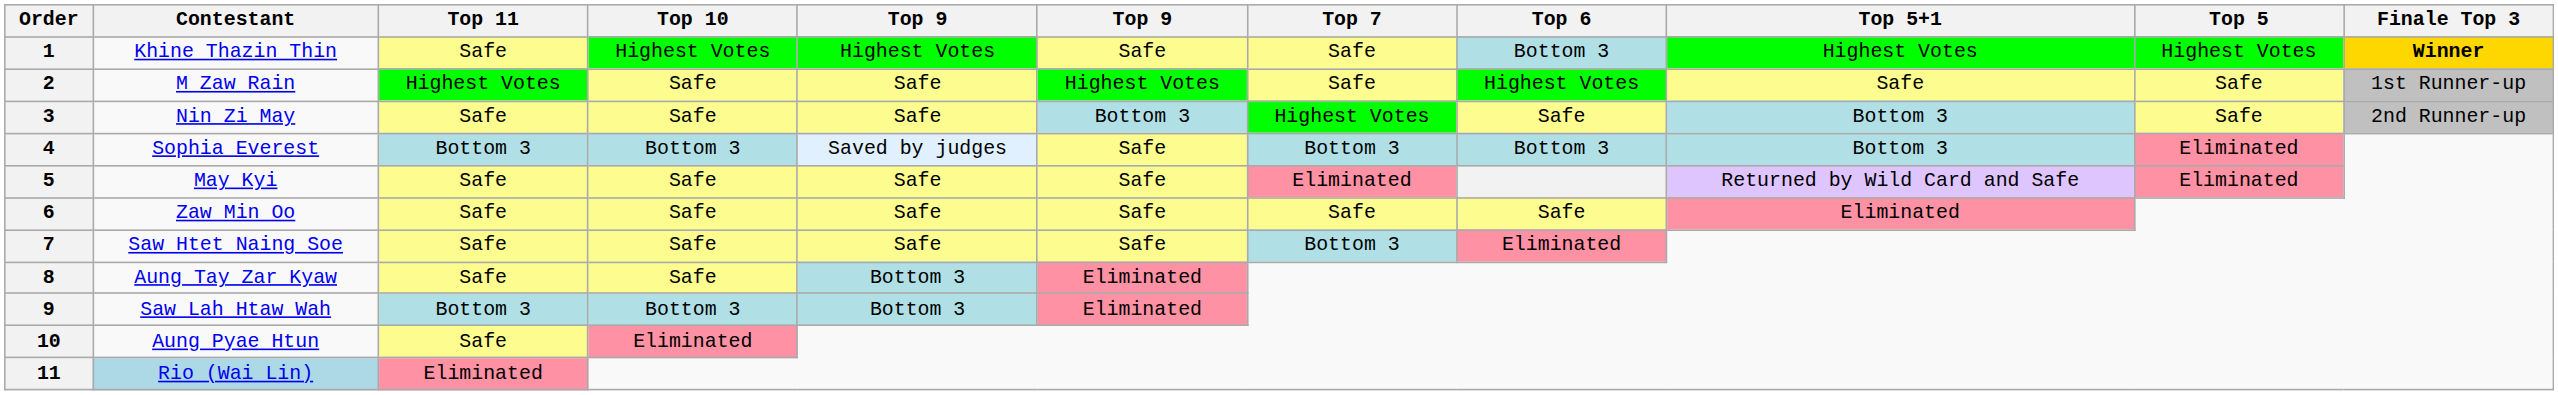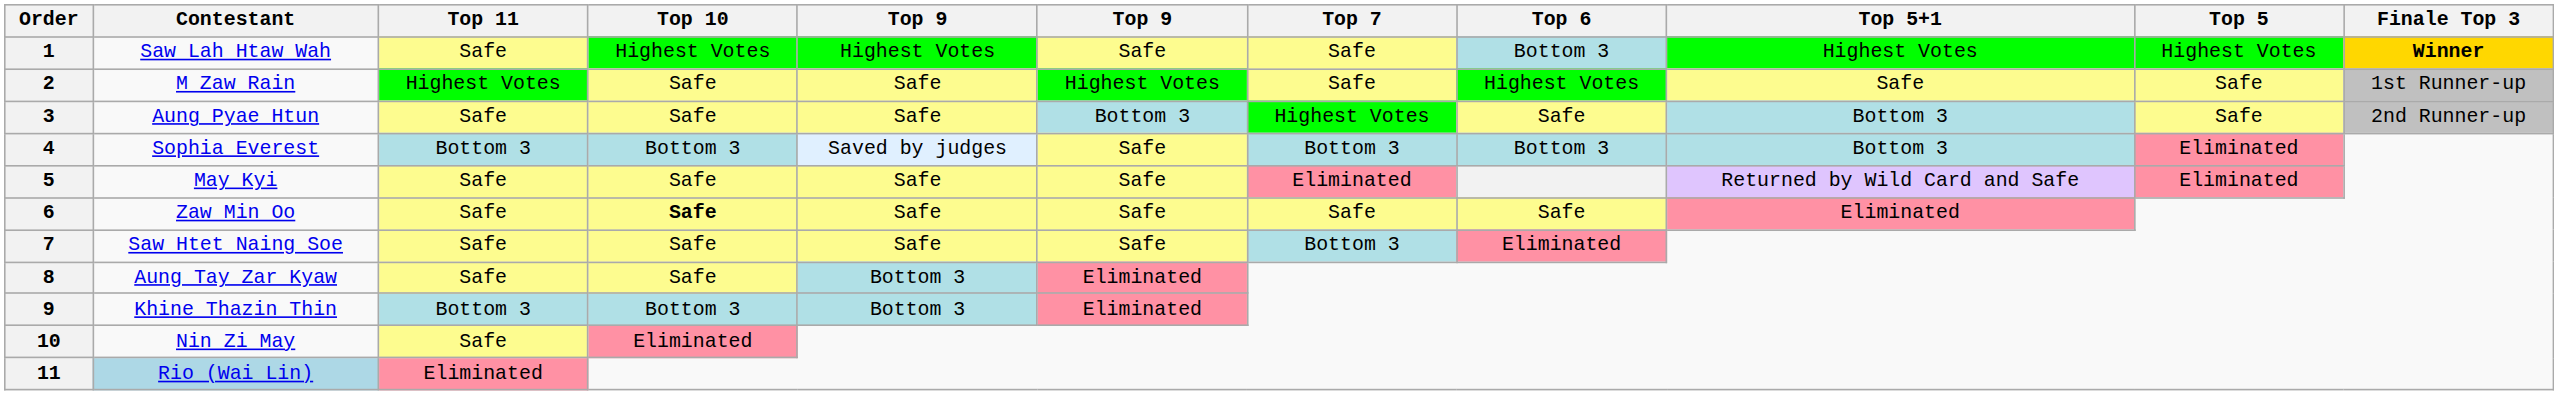 <table class="wikitable nowrap" style="text-align:center; font-size:95%; width:100%;">
 <tr>
 <th scope="col">Order</th>
 <th scope="col">Contestant</th>
 <th scope="col">Top 11</th>
 <th scope="col">Top 10</th>
 <th scope="col">Top 9</th>
 <th scope="col">Top 9</th>
 <th scope="col">Top 7</th>
 <th scope="col">Top 6</th>
 <th scope="col">Top 5+1</th>
 <th scope="col">Top 5</th>
 <th scope="col">Finale Top 3</th>
 </tr>
 <tr>
 <th>1</th>
-<td><a href='#'>Khine Thazin Thin</a></td>
+<td><a href='#'>Saw Lah Htaw Wah</a></td>
 <td style="background:#FDFC8F;">Safe</td>
 <td style="background:#00FF00;">Highest Votes</td>
 <td style="background:#00FF00;">Highest Votes</td>
 <td style="background:#FDFC8F;">Safe</td>
 <td style="background:#FDFC8F;">Safe</td>
 <td style="background:#B0E0E6;">Bottom 3</td>
 <td style="background:#00FF00;">Highest Votes</td>
 <td style="background:#00FF00;">Highest Votes</td>
 <td style="background:gold;"><strong>Winner</strong></td>
 </tr>
 <tr>
 <th>2</th>
 <td><a href='#'>M Zaw Rain</a></td>
 <td style="background:#00FF00;">Highest Votes</td>
 <td style="background:#FDFC8F;">Safe</td>
 <td style="background:#FDFC8F;">Safe</td>
 <td style="background:#00FF00;">Highest Votes</td>
 <td style="background:#FDFC8F;">Safe</td>
 <td style="background:#00FF00;">Highest Votes</td>
 <td style="background:#FDFC8F;">Safe</td>
 <td style="background:#FDFC8F;">Safe</td>
 <td style="background:silver;">1st Runner-up</td>
 </tr>
 <tr>
 <th>3</th>
-<td><a href='#'>Nin Zi May</a></td>
+<td><a href='#'>Aung Pyae Htun</a></td>
 <td style="background:#FDFC8F;">Safe</td>
 <td style="background:#FDFC8F;">Safe</td>
 <td style="background:#FDFC8F;">Safe</td>
 <td style="background:#B0E0E6;">Bottom 3</td>
 <td style="background:#00FF00;">Highest Votes</td>
 <td style="background:#FDFC8F;">Safe</td>
 <td style="background:#B0E0E6;">Bottom 3</td>
 <td style="background:#FDFC8F;">Safe</td>
 <td style="background:silver;">2nd Runner-up</td>
 </tr>
 <tr>
 <th>4</th>
 <td><a href='#'>Sophia Everest</a></td>
 <td style="background:#B0E0E6;">Bottom 3</td>
 <td style="background:#B0E0E6;">Bottom 3</td>
 <td style="background:#e0f0ff;">Saved by judges</td>
 <td style="background:#FDFC8F;">Safe</td>
 <td style="background:#B0E0E6;">Bottom 3</td>
 <td style="background:#B0E0E6;">Bottom 3</td>
 <td style="background:#B0E0E6;">Bottom 3</td>
 <td style="background:#FF91A4;">Eliminated</td>
 </tr>
 <tr>
 <th>5</th>
 <td><a href='#'>May Kyi</a></td>
 <td style="background:#FDFC8F;">Safe</td>
 <td style="background:#FDFC8F;">Safe</td>
 <td style="background:#FDFC8F;">Safe</td>
 <td style="background:#FDFC8F;">Safe</td>
 <td style="background:#FF91A4;">Eliminated</td>
 <th></th>
 <td style="background:#DFC5FE;">Returned by Wild Card and Safe</td>
 <td style="background:#FF91A4;">Eliminated</td>
 </tr>
 <tr>
 <th>6</th>
 <td><a href='#'>Zaw Min Oo</a></td>
 <td style="background:#FDFC8F;">Safe</td>
-<td style="background:#FDFC8F;">Safe</td>
+<td style="background:#FDFC8F;"><strong>Safe</strong></td>
 <td style="background:#FDFC8F;">Safe</td>
 <td style="background:#FDFC8F;">Safe</td>
 <td style="background:#FDFC8F;">Safe</td>
 <td style="background:#FDFC8F;">Safe</td>
 <td style="background:#FF91A4;">Eliminated</td>
 </tr>
 <tr>
 <th>7</th>
 <td><a href='#'>Saw Htet Naing Soe</a></td>
 <td style="background:#FDFC8F;">Safe</td>
 <td style="background:#FDFC8F;">Safe</td>
 <td style="background:#FDFC8F;">Safe</td>
 <td style="background:#FDFC8F;">Safe</td>
 <td style="background:#B0E0E6;">Bottom 3</td>
 <td style="background:#FF91A4;">Eliminated</td>
 </tr>
 <tr>
 <th>8</th>
 <td><a href='#'>Aung Tay Zar Kyaw</a></td>
 <td style="background:#FDFC8F;">Safe</td>
 <td style="background:#FDFC8F;">Safe</td>
 <td style="background:#B0E0E6;">Bottom 3</td>
 <td style="background:#FF91A4;">Eliminated</td>
 </tr>
 <tr>
 <th>9</th>
-<td><a href='#'>Saw Lah Htaw Wah</a></td>
+<td><a href='#'>Khine Thazin Thin</a></td>
 <td style="background:#B0E0E6;">Bottom 3</td>
 <td style="background:#B0E0E6;">Bottom 3</td>
 <td style="background:#B0E0E6;">Bottom 3</td>
 <td style="background:#FF91A4;">Eliminated</td>
 </tr>
 <tr>
 <th>10</th>
-<td><a href='#'>Aung Pyae Htun</a></td>
+<td><a href='#'>Nin Zi May</a></td>
 <td style="background:#FDFC8F;">Safe</td>
 <td style="background:#FF91A4;">Eliminated</td>
 </tr>
 <tr>
 <th>11</th>
 <td style="background: lightblue;"><a href='#'>Rio (Wai Lin)</a></td>
 <td style="background:#FF91A4;">Eliminated</td>
 </tr>
 </table>
